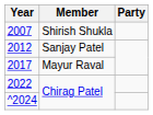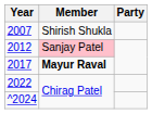 <table class="wikitable sortable">
 <tr>
 <th>Year</th>
 <th>Member</th>
 <th colspan="2">Party</th>
 </tr>
 <tr>
 <td><a href='#'>2007</a></td>
 <td>Shirish Shukla</td>
 <td></td>
 </tr>
 <tr>
 <td><a href='#'>2012</a></td>
-<td>Sanjay Patel</td>
+<td style="background: pink;">Sanjay Patel</td>
 </tr>
 <tr>
 <td><a href='#'>2017</a></td>
-<td>Mayur Raval</td>
+<td><strong>Mayur Raval</strong></td>
 </tr>
 <tr>
 <td><a href='#'>2022</a></td>
 <td rowspan=2><a href='#'>Chirag Patel</a></td>
 <td></td>
 </tr>
 <tr>
 <td><a href='#'>^2024</a></td>
 <td></td>
 </tr>
 </table>
